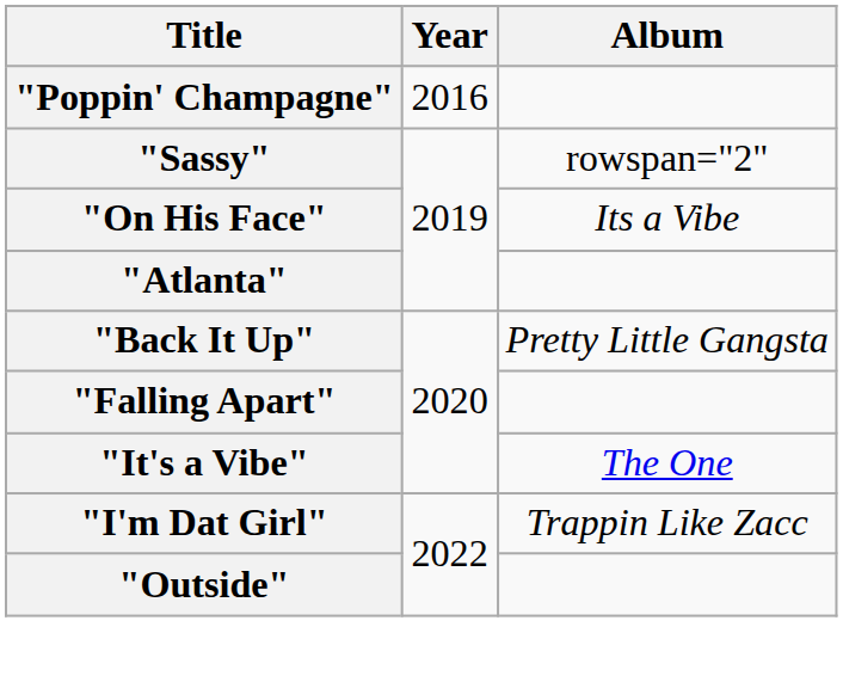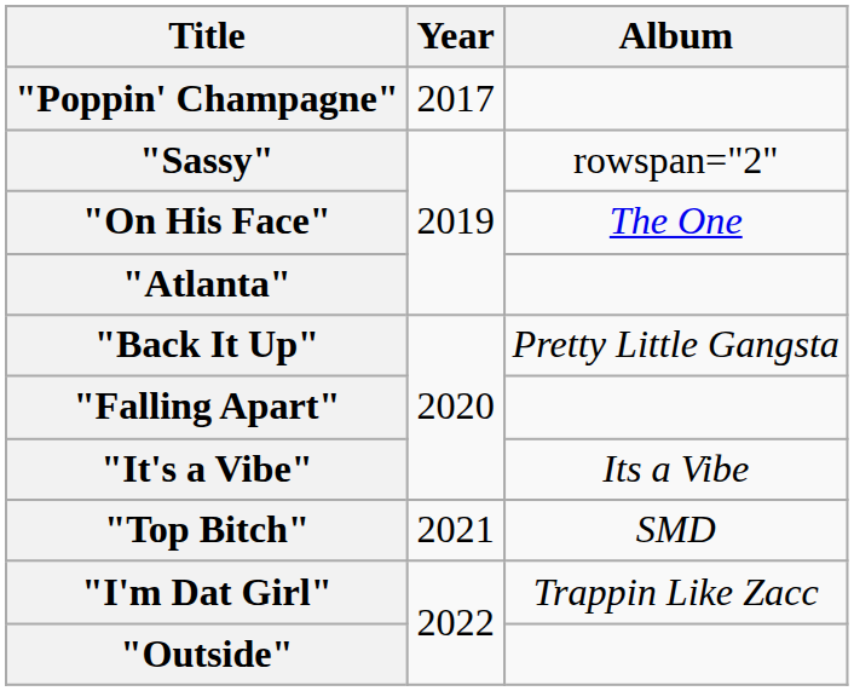 <table class="wikitable plainrowheaders" style="text-align:center;">
 <tr>
 <th scope="col">Title</th>
 <th scope="col">Year</th>
 <th scope="col">Album</th>
 </tr>
 <tr>
 <th scope="row">"Poppin' Champagne"<br></th>
-<td>2016</td>
+<td>2017</td>
 <td></td>
 </tr>
 <tr>
 <th scope="row">"Sassy"<br></th>
 <td rowspan="3">2019</td>
 <td>rowspan="2" </td>
 </tr>
 <tr>
 <th scope="row">"On His Face"<br></th>
-<td><em>Its a Vibe</em></td>
+<td><em><a href='#'>The One</a></em></td>
 </tr>
 <tr>
 <th scope="row">"Atlanta"<br></th>
 <td></td>
 </tr>
 <tr>
 <th scope="row">"Back It Up"<br></th>
 <td rowspan="3">2020</td>
 <td><em>Pretty Little Gangsta</em></td>
 </tr>
 <tr>
 <th scope="row">"Falling Apart"<br></th>
 <td></td>
 </tr>
 <tr>
 <th scope="row">"It's a Vibe"<br></th>
-<td><em><a href='#'>The One</a></em></td>
+<td><em>Its a Vibe</em></td>
+</tr>
+<tr>
+<th scope="row">"Top Bitch"<br></th>
+<td>2021</td>
+<td><em>SMD</em></td>
 </tr>
 <tr>
 <th scope="row">"I'm Dat Girl"<br></th>
 <td rowspan="2">2022</td>
 <td><em>Trappin Like Zacc</em></td>
 </tr>
 <tr>
 <th scope="row">"Outside"<br></th>
 </tr>
 </table>
